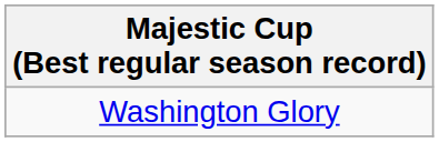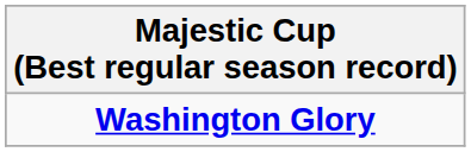 <table class="wikitable" style="text-align:center">
 <tr>
 <th>Majestic Cup <br>(Best regular season record)</th>
 </tr>
 <tr>
-<td><a href='#'>Washington Glory</a></td>
+<td><strong><a href='#'>Washington Glory</a></strong></td>
 </tr>
 </table>
